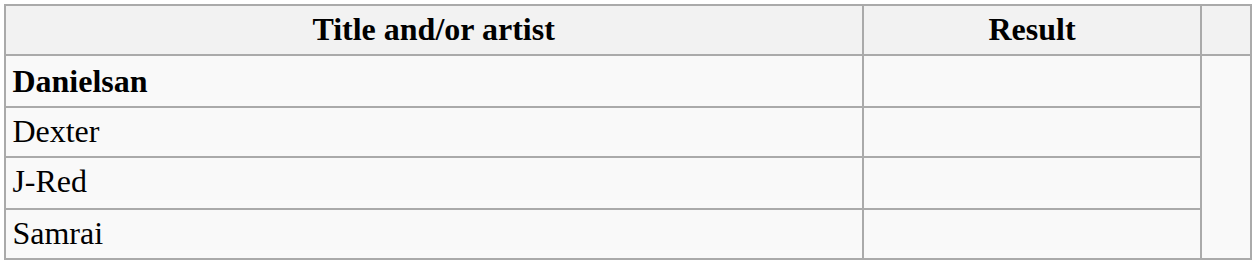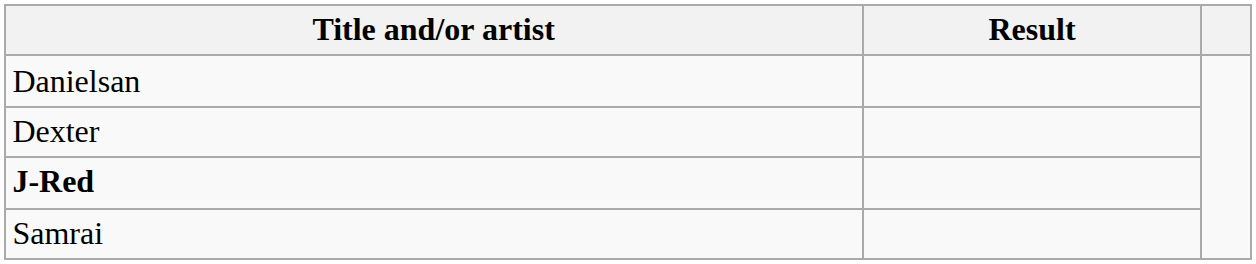 <table class="wikitable" width="100%">
 <tr>
 <th scope="col">Title and/or artist</th>
 <th scope="col">Result</th>
 <th scope="col"></th>
 </tr>
 <tr>
-<td><strong>Danielsan</strong></td>
+<td>Danielsan</td>
 <td></td>
 <td rowspan="4"></td>
 </tr>
 <tr>
 <td>Dexter</td>
 <td></td>
 </tr>
 <tr>
-<td>J-Red</td>
+<td><strong>J-Red</strong></td>
 <td></td>
 </tr>
 <tr>
 <td>Samrai</td>
 <td></td>
 </tr>
 </table>
